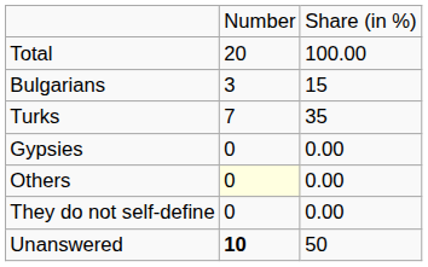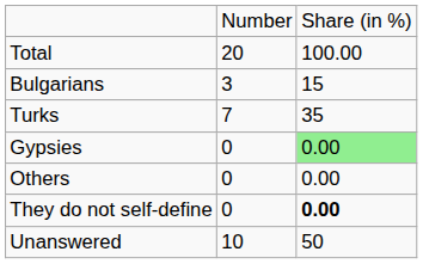 <table class="wikitable sortable">
 <tr>
 <td></td>
 <td>Number</td>
 <td>Share (in %)</td>
 </tr>
 <tr>
 <td>Total</td>
 <td>20</td>
 <td>100.00</td>
 </tr>
 <tr>
 <td>Bulgarians</td>
 <td>3</td>
 <td>15</td>
 </tr>
 <tr>
 <td>Turks</td>
 <td>7</td>
 <td>35</td>
 </tr>
 <tr>
 <td>Gypsies</td>
 <td>0</td>
-<td>0.00</td>
+<td style="background: lightgreen;">0.00</td>
 </tr>
 <tr>
 <td>Others</td>
-<td style="background: lightyellow;">0</td>
+<td>0</td>
 <td>0.00</td>
 </tr>
 <tr>
 <td>They do not self-define</td>
 <td>0</td>
-<td>0.00</td>
+<td><strong>0.00</strong></td>
 </tr>
 <tr>
 <td>Unanswered</td>
-<td><strong>10</strong></td>
+<td>10</td>
 <td>50</td>
 </tr>
 </table>
